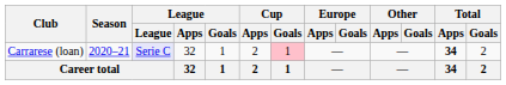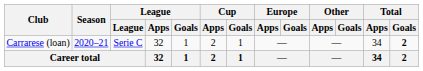 <table class="wikitable" style="text-align: center;">
 <tr>
 <th rowspan="2">Club</th>
 <th rowspan="2">Season</th>
 <th colspan="3">League</th>
 <th colspan="2">Cup</th>
 <th colspan="2">Europe</th>
 <th colspan="2">Other</th>
 <th colspan="2">Total</th>
 </tr>
 <tr>
 <th>League</th>
 <th>Apps</th>
 <th>Goals</th>
 <th>Apps</th>
 <th>Goals</th>
 <th>Apps</th>
 <th>Goals</th>
 <th>Apps</th>
 <th>Goals</th>
 <th>Apps</th>
 <th>Goals</th>
 </tr>
 <tr>
 <td><a href='#'>Carrarese</a> (loan)</td>
 <td><a href='#'>2020–21</a></td>
-<td style="background: lavender;"><a href='#'>Serie C</a></td>
+<td><a href='#'>Serie C</a></td>
 <td>32</td>
 <td>1</td>
 <td>2</td>
-<td style="background: pink;">1</td>
+<td>1</td>
 <td colspan="2">—</td>
 <td colspan="2">—</td>
-<td><strong>34</strong></td>
-<td>2</td>
+<td>34</td>
+<td><strong>2</strong></td>
 </tr>
 <tr>
 <th colspan="3">Career total</th>
 <th>32</th>
 <th>1</th>
 <th>2</th>
 <th>1</th>
 <th colspan="2">—</th>
 <th colspan="2">—</th>
 <th>34</th>
 <th>2</th>
 </tr>
 </table>
